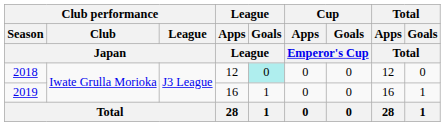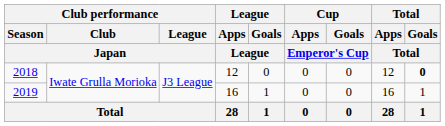 <table class="wikitable" style="text-align:center;">
 <tr>
 <th colspan=3>Club performance</th>
 <th colspan=2>League</th>
 <th colspan=2>Cup</th>
 <th colspan=2>Total</th>
 </tr>
 <tr>
 <th>Season</th>
 <th>Club</th>
 <th>League</th>
 <th>Apps</th>
 <th>Goals</th>
 <th>Apps</th>
 <th>Goals</th>
 <th>Apps</th>
 <th>Goals</th>
 </tr>
 <tr>
 <th colspan=3>Japan</th>
 <th colspan=2>League</th>
 <th colspan=2><a href='#'>Emperor's Cup</a></th>
 <th colspan=2>Total</th>
 </tr>
 <tr>
 <td><a href='#'>2018</a></td>
 <td rowspan="2"><a href='#'>Iwate Grulla Morioka</a></td>
 <td rowspan="2"><a href='#'>J3 League</a></td>
 <td>12</td>
-<td style="background: paleturquoise;">0</td>
+<td>0</td>
 <td>0</td>
 <td>0</td>
 <td>12</td>
-<td>0</td>
+<td><strong>0</strong></td>
 </tr>
 <tr>
 <td><a href='#'>2019</a></td>
 <td>16</td>
 <td>1</td>
 <td>0</td>
 <td>0</td>
 <td>16</td>
 <td>1</td>
 </tr>
 <tr>
 <th colspan=3>Total</th>
 <th>28</th>
 <th>1</th>
 <th>0</th>
 <th>0</th>
 <th>28</th>
 <th>1</th>
 </tr>
 </table>
